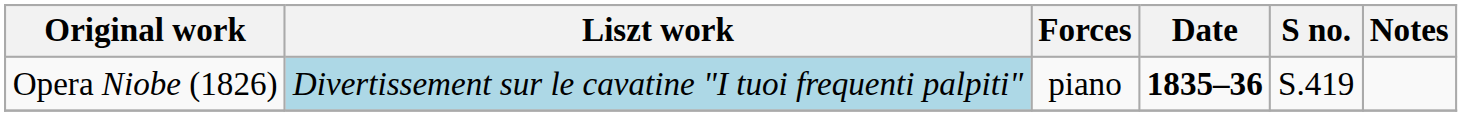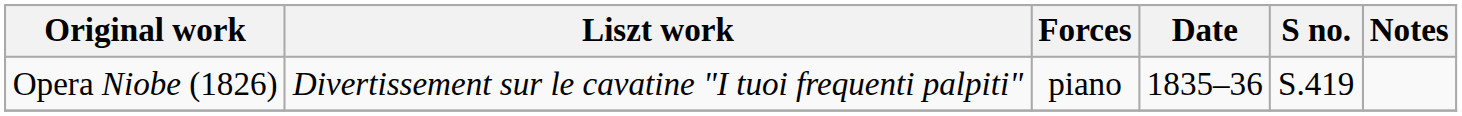 <table class="wikitable">
 <tr>
 <th>Original work</th>
 <th>Liszt work</th>
 <th>Forces</th>
 <th>Date</th>
 <th>S no.</th>
 <th>Notes</th>
 </tr>
 <tr>
 <td>Opera <em>Niobe</em> (1826)</td>
-<td style="background: lightblue;"><em>Divertissement sur le cavatine "I tuoi frequenti palpiti"</em></td>
+<td><em>Divertissement sur le cavatine "I tuoi frequenti palpiti"</em></td>
 <td style="text-align: center">piano</td>
-<td><strong>1835–36</strong></td>
+<td>1835–36</td>
 <td>S.419</td>
 <td></td>
 </tr>
 <tr>
 </tr>
 </table>
